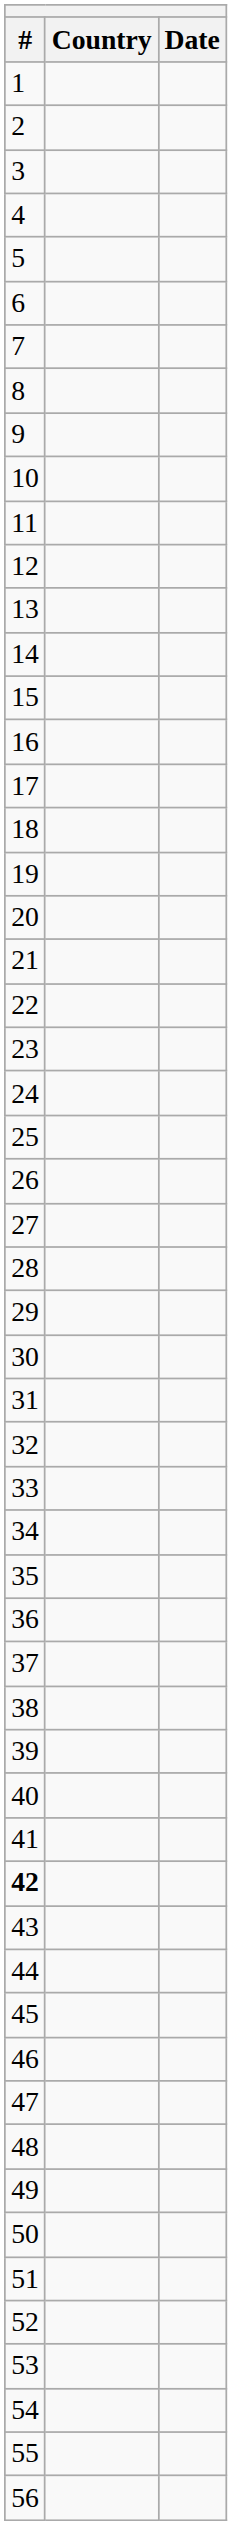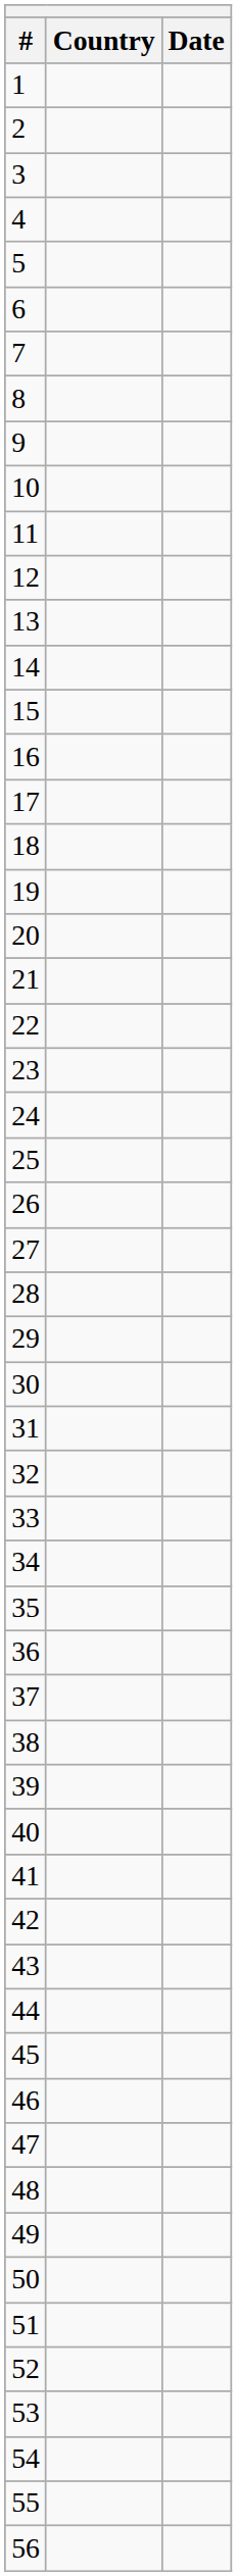 <table class="wikitable sortable">
 <tr>
 <th colspan="3"></th>
 </tr>
 <tr>
 <th>#</th>
 <th>Country</th>
 <th>Date</th>
 </tr>
 <tr>
 <td>1</td>
 <td></td>
 <td></td>
 </tr>
 <tr>
 <td>2</td>
 <td></td>
 <td></td>
 </tr>
 <tr>
 <td>3</td>
 <td></td>
 <td></td>
 </tr>
 <tr>
 <td>4</td>
 <td></td>
 <td></td>
 </tr>
 <tr>
 <td>5</td>
 <td></td>
 <td></td>
 </tr>
 <tr>
 <td>6</td>
 <td></td>
 <td></td>
 </tr>
 <tr>
 <td>7</td>
 <td></td>
 <td></td>
 </tr>
 <tr>
 <td>8</td>
 <td></td>
 <td></td>
 </tr>
 <tr>
 <td>9</td>
 <td></td>
 <td></td>
 </tr>
 <tr>
 <td>10</td>
 <td></td>
 <td></td>
 </tr>
 <tr>
 <td>11</td>
 <td></td>
 <td></td>
 </tr>
 <tr>
 <td>12</td>
 <td></td>
 <td></td>
 </tr>
 <tr>
 <td>13</td>
 <td></td>
 <td></td>
 </tr>
 <tr>
 <td>14</td>
 <td></td>
 <td></td>
 </tr>
 <tr>
 <td>15</td>
 <td></td>
 <td></td>
 </tr>
 <tr>
 <td>16</td>
 <td></td>
 <td></td>
 </tr>
 <tr>
 <td>17</td>
 <td></td>
 <td></td>
 </tr>
 <tr>
 <td>18</td>
 <td></td>
 <td></td>
 </tr>
 <tr>
 <td>19</td>
 <td></td>
 <td></td>
 </tr>
 <tr>
 <td>20</td>
 <td></td>
 <td></td>
 </tr>
 <tr>
 <td>21</td>
 <td></td>
 <td></td>
 </tr>
 <tr>
 <td>22</td>
 <td></td>
 <td></td>
 </tr>
 <tr>
 <td>23</td>
 <td></td>
 <td></td>
 </tr>
 <tr>
 <td>24</td>
 <td></td>
 <td></td>
 </tr>
 <tr>
 <td>25</td>
 <td></td>
 <td></td>
 </tr>
 <tr>
 <td>26</td>
 <td></td>
 <td></td>
 </tr>
 <tr>
 <td>27</td>
 <td></td>
 <td></td>
 </tr>
 <tr>
 <td>28</td>
 <td></td>
 <td></td>
 </tr>
 <tr>
 <td>29</td>
 <td></td>
 <td></td>
 </tr>
 <tr>
 <td>30</td>
 <td></td>
 <td></td>
 </tr>
 <tr>
 <td>31</td>
 <td></td>
 <td></td>
 </tr>
 <tr>
 <td>32</td>
 <td></td>
 <td></td>
 </tr>
 <tr>
 <td>33</td>
 <td></td>
 <td></td>
 </tr>
 <tr>
 <td>34</td>
 <td></td>
 <td></td>
 </tr>
 <tr>
 <td>35</td>
 <td></td>
 <td></td>
 </tr>
 <tr>
 <td>36</td>
 <td></td>
 <td></td>
 </tr>
 <tr>
 <td>37</td>
 <td></td>
 <td></td>
 </tr>
 <tr>
 <td>38</td>
 <td></td>
 <td></td>
 </tr>
 <tr>
 <td>39</td>
 <td></td>
 <td></td>
 </tr>
 <tr>
 <td>40</td>
 <td></td>
 <td></td>
 </tr>
 <tr>
 <td>41</td>
 <td></td>
 <td></td>
 </tr>
 <tr>
-<td><strong>42</strong></td>
+<td>42</td>
 <td></td>
 <td></td>
 </tr>
 <tr>
 <td>43</td>
 <td></td>
 <td></td>
 </tr>
 <tr>
 <td>44</td>
 <td></td>
 <td></td>
 </tr>
 <tr>
 <td>45</td>
 <td></td>
 <td></td>
 </tr>
 <tr>
 <td>46</td>
 <td></td>
 <td></td>
 </tr>
 <tr>
 <td>47</td>
 <td></td>
 <td></td>
 </tr>
 <tr>
 <td>48</td>
 <td></td>
 <td></td>
 </tr>
 <tr>
 <td>49</td>
 <td></td>
 <td></td>
 </tr>
 <tr>
 <td>50</td>
 <td></td>
 <td></td>
 </tr>
 <tr>
 <td>51</td>
 <td></td>
 <td></td>
 </tr>
 <tr>
 <td>52</td>
 <td></td>
 <td></td>
 </tr>
 <tr>
 <td>53</td>
 <td></td>
 <td></td>
 </tr>
 <tr>
 <td>54</td>
 <td></td>
 <td></td>
 </tr>
 <tr>
 <td>55</td>
 <td></td>
 <td></td>
 </tr>
 <tr>
 <td>56</td>
 <td></td>
 <td></td>
 </tr>
 </table>
